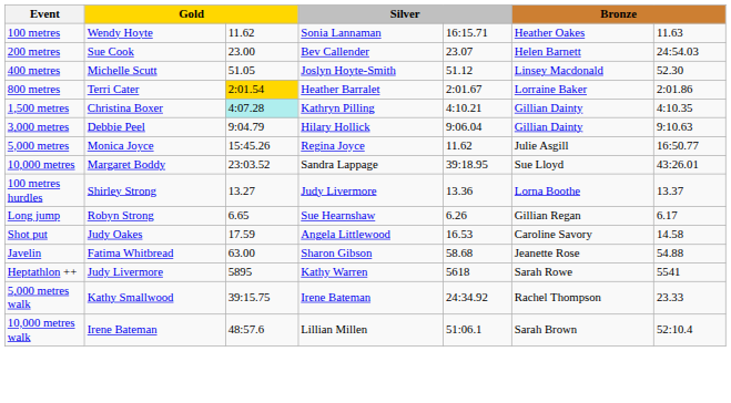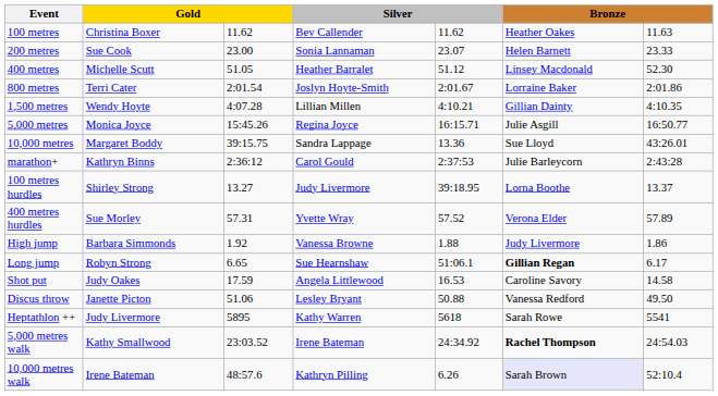 <table class="wikitable" style="text-align:left">
 <tr>
 <th width=100>Event</th>
 <th colspan="2" width="280" style="background:gold;">Gold</th>
 <th colspan="2" width="280" style="background:silver;">Silver</th>
 <th colspan="2" width="280" style="background:#CD7F32;">Bronze</th>
 </tr>
 <tr>
 <td><a href='#'>100 metres</a></td>
-<td><a href='#'>Wendy Hoyte</a></td>
+<td><a href='#'>Christina Boxer</a></td>
 <td>11.62</td>
-<td><a href='#'>Sonia Lannaman</a></td>
-<td>16:15.71</td>
+<td><a href='#'>Bev Callender</a></td>
+<td>11.62</td>
 <td><a href='#'>Heather Oakes</a></td>
 <td>11.63</td>
 </tr>
 <tr>
 <td><a href='#'>200 metres</a></td>
 <td> <a href='#'>Sue Cook</a></td>
 <td>23.00</td>
-<td><a href='#'>Bev Callender</a></td>
+<td><a href='#'>Sonia Lannaman</a></td>
 <td>23.07</td>
 <td><a href='#'>Helen Barnett</a></td>
-<td>24:54.03</td>
+<td>23.33</td>
 </tr>
 <tr>
 <td><a href='#'>400 metres</a></td>
 <td> <a href='#'>Michelle Scutt</a></td>
 <td>51.05</td>
-<td><a href='#'>Joslyn Hoyte-Smith</a></td>
+<td> <a href='#'>Heather Barralet</a></td>
 <td>51.12</td>
 <td> <a href='#'>Linsey Macdonald</a></td>
 <td>52.30</td>
 </tr>
 <tr>
 <td><a href='#'>800 metres</a></td>
 <td> <a href='#'>Terri Cater</a></td>
-<td style="background: gold;">2:01.54</td>
-<td> <a href='#'>Heather Barralet</a></td>
+<td>2:01.54</td>
+<td><a href='#'>Joslyn Hoyte-Smith</a></td>
 <td>2:01.67</td>
 <td><a href='#'>Lorraine Baker</a></td>
 <td>2:01.86</td>
 </tr>
 <tr>
 <td><a href='#'>1,500 metres</a></td>
-<td><a href='#'>Christina Boxer</a></td>
-<td style="background: paleturquoise;">4:07.28</td>
-<td><a href='#'>Kathryn Pilling</a></td>
+<td><a href='#'>Wendy Hoyte</a></td>
+<td>4:07.28</td>
+<td>Lillian Millen</td>
 <td>4:10.21</td>
 <td><a href='#'>Gillian Dainty</a></td>
 <td>4:10.35</td>
-</tr>
-<tr>
-<td><a href='#'>3,000 metres</a></td>
-<td><a href='#'>Debbie Peel</a></td>
-<td>9:04.79</td>
-<td> <a href='#'>Hilary Hollick</a></td>
-<td>9:06.04</td>
-<td><a href='#'>Gillian Dainty</a></td>
-<td>9:10.63</td>
 </tr>
 <tr>
 <td><a href='#'>5,000 metres</a></td>
 <td> <a href='#'>Monica Joyce</a></td>
 <td>15:45.26</td>
 <td> <a href='#'>Regina Joyce</a></td>
-<td>11.62</td>
+<td>16:15.71</td>
 <td>Julie Asgill</td>
 <td>16:50.77</td>
 </tr>
 <tr>
 <td><a href='#'>10,000 metres</a></td>
 <td><a href='#'>Margaret Boddy</a></td>
-<td>23:03.52</td>
+<td>39:15.75</td>
 <td>Sandra Lappage</td>
-<td>39:18.95</td>
+<td>13.36</td>
 <td>Sue Lloyd</td>
 <td>43:26.01</td>
+</tr>
+<tr>
+<td><a href='#'>marathon</a>+</td>
+<td><a href='#'>Kathryn Binns</a></td>
+<td>2:36:12</td>
+<td><a href='#'>Carol Gould</a></td>
+<td>2:37:53</td>
+<td>Julie Barleycorn</td>
+<td>2:43:28</td>
 </tr>
 <tr>
 <td><a href='#'>100 metres hurdles</a></td>
 <td><a href='#'>Shirley Strong</a></td>
 <td>13.27</td>
 <td><a href='#'>Judy Livermore</a></td>
-<td>13.36</td>
+<td>39:18.95</td>
 <td><a href='#'>Lorna Boothe</a></td>
 <td>13.37</td>
+</tr>
+<tr>
+<td><a href='#'>400 metres hurdles</a></td>
+<td><a href='#'>Sue Morley</a></td>
+<td>57.31</td>
+<td><a href='#'>Yvette Wray</a></td>
+<td>57.52</td>
+<td><a href='#'>Verona Elder</a></td>
+<td>57.89</td>
+</tr>
+<tr>
+<td><a href='#'>High jump</a></td>
+<td><a href='#'>Barbara Simmonds</a></td>
+<td>1.92</td>
+<td> <a href='#'>Vanessa Browne</a></td>
+<td>1.88</td>
+<td><a href='#'>Judy Livermore</a></td>
+<td>1.86</td>
 </tr>
 <tr>
 <td><a href='#'>Long jump</a></td>
 <td> <a href='#'>Robyn Strong</a></td>
 <td>6.65</td>
 <td><a href='#'>Sue Hearnshaw</a></td>
-<td>6.26</td>
-<td> Gillian Regan</td>
+<td>51:06.1</td>
+<td><strong> Gillian Regan</strong></td>
 <td>6.17</td>
 </tr>
 <tr>
 <td><a href='#'>Shot put</a></td>
 <td><a href='#'>Judy Oakes</a></td>
 <td>17.59</td>
 <td><a href='#'>Angela Littlewood</a></td>
 <td>16.53</td>
 <td>Caroline Savory</td>
 <td>14.58</td>
 </tr>
 <tr>
-<td><a href='#'>Javelin</a></td>
-<td><a href='#'>Fatima Whitbread</a></td>
-<td>63.00</td>
-<td><a href='#'>Sharon Gibson</a></td>
-<td>58.68</td>
-<td>Jeanette Rose</td>
-<td>54.88</td>
+<td><a href='#'>Discus throw</a></td>
+<td><a href='#'>Janette Picton</a></td>
+<td>51.06</td>
+<td><a href='#'>Lesley Bryant</a></td>
+<td>50.88</td>
+<td>Vanessa Redford</td>
+<td>49.50</td>
 </tr>
 <tr>
 <td><a href='#'>Heptathlon</a> ++</td>
 <td><a href='#'>Judy Livermore</a></td>
 <td>5895</td>
 <td><a href='#'>Kathy Warren</a></td>
 <td>5618</td>
 <td>Sarah Rowe</td>
 <td>5541</td>
 </tr>
 <tr>
 <td><a href='#'>5,000 metres walk</a></td>
 <td><a href='#'>Kathy Smallwood</a></td>
-<td>39:15.75</td>
+<td>23:03.52</td>
 <td><a href='#'>Irene Bateman</a></td>
 <td>24:34.92</td>
-<td> Rachel Thompson</td>
-<td>23.33</td>
+<td><strong> Rachel Thompson</strong></td>
+<td>24:54.03</td>
 </tr>
 <tr>
 <td><a href='#'>10,000 metres walk</a></td>
 <td><a href='#'>Irene Bateman</a></td>
 <td>48:57.6</td>
-<td>Lillian Millen</td>
-<td>51:06.1</td>
-<td>Sarah Brown</td>
+<td><a href='#'>Kathryn Pilling</a></td>
+<td>6.26</td>
+<td style="background: lavender;">Sarah Brown</td>
 <td>52:10.4</td>
 </tr>
 </table>
